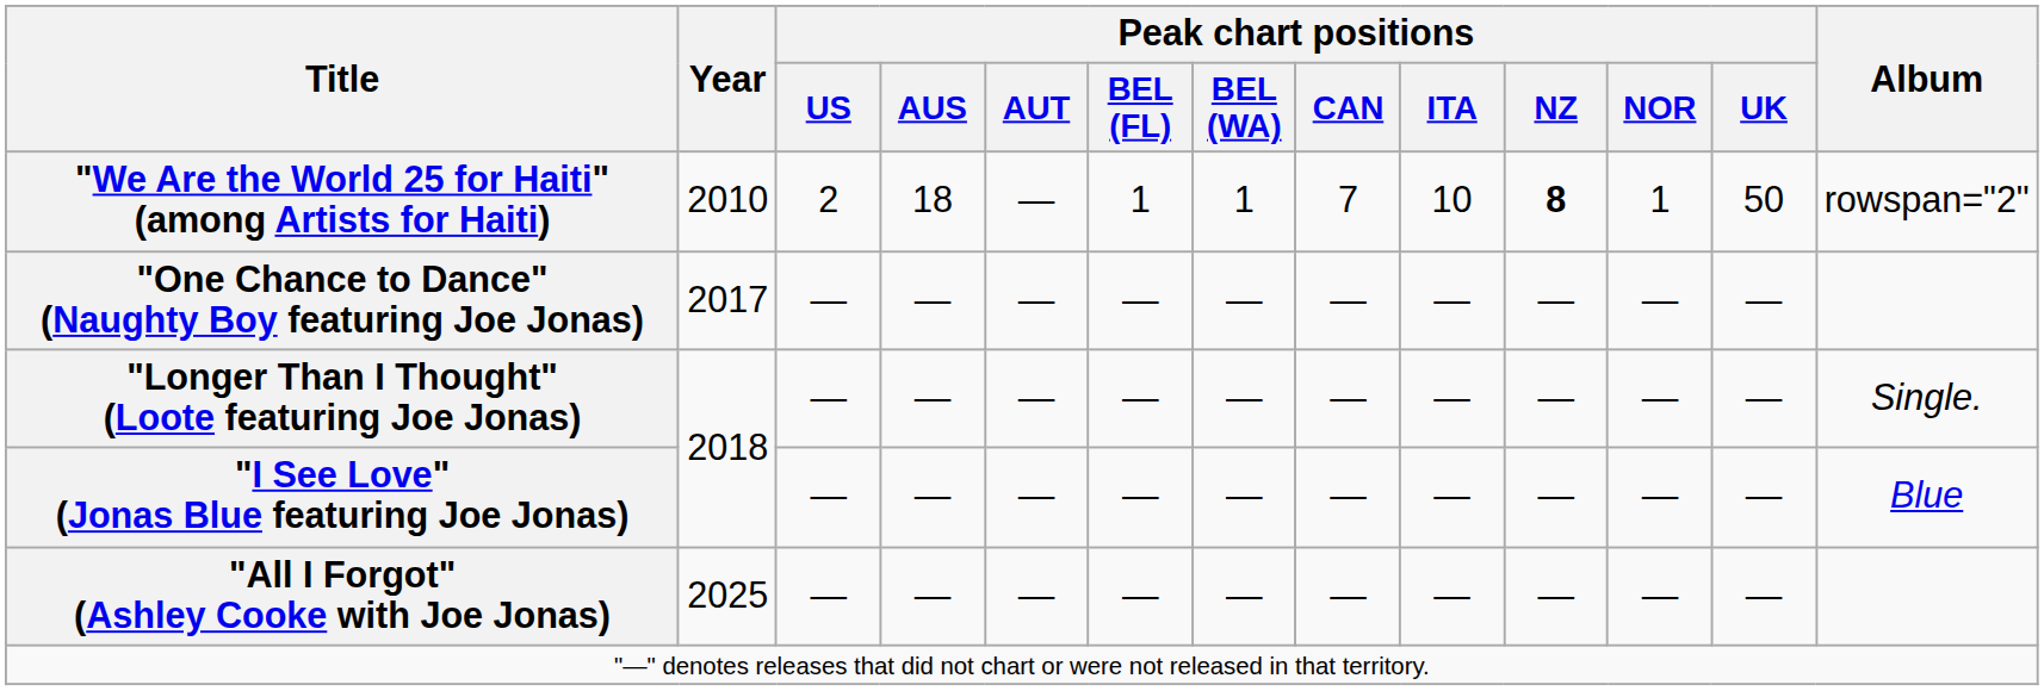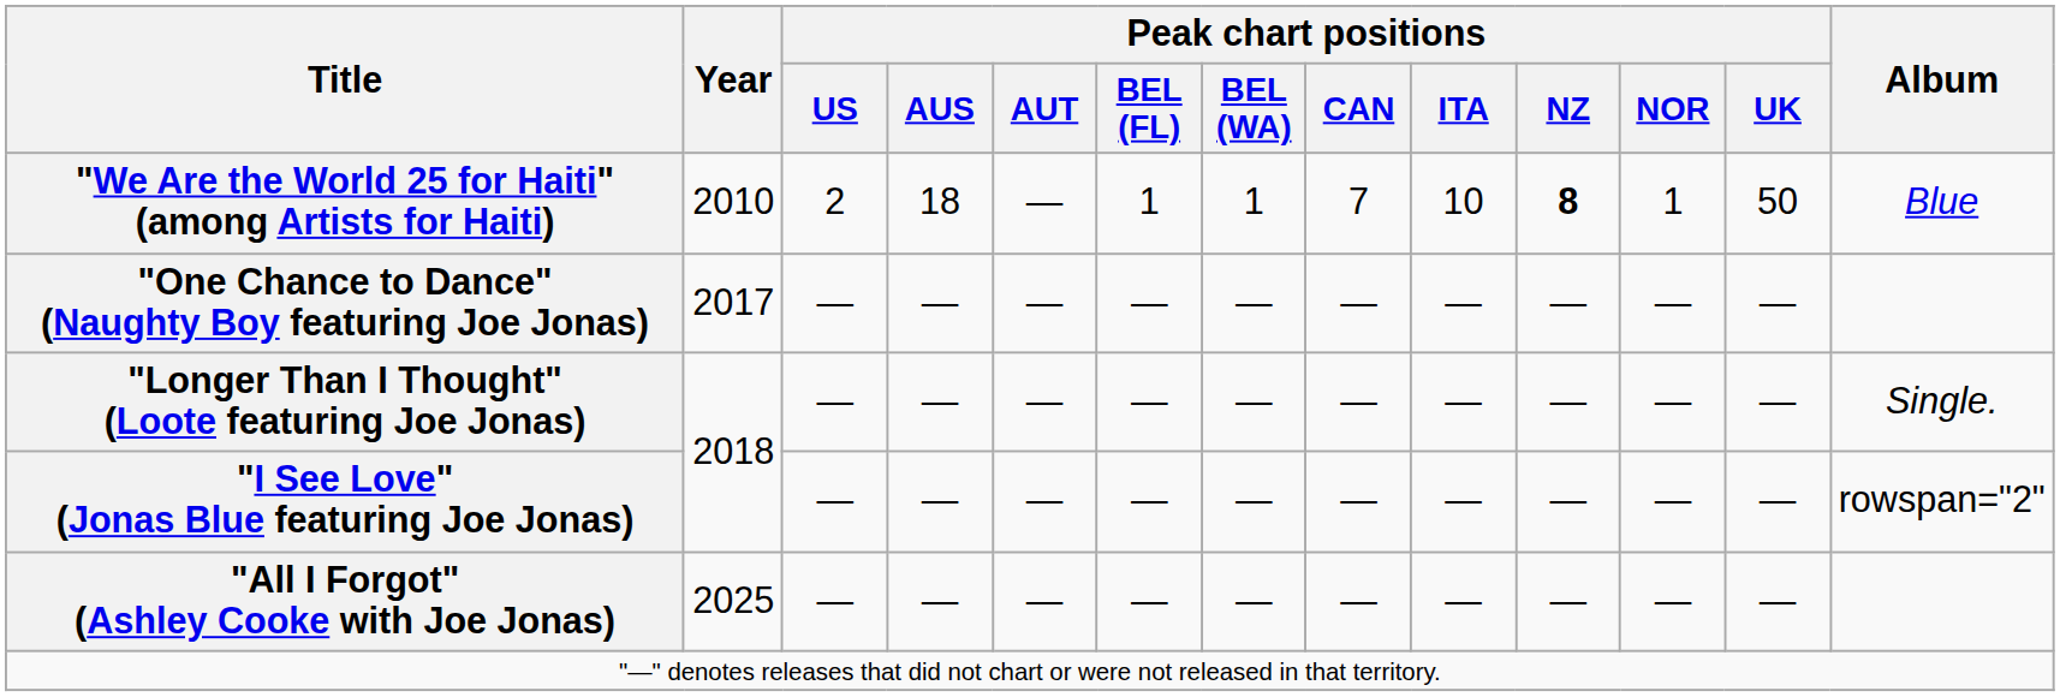 <table class="wikitable plainrowheaders" style="text-align:center;" border="1">
 <tr>
 <th scope="col" rowspan="2" style="width:18em;">Title</th>
 <th scope="col" rowspan="2" style="width:1em;">Year</th>
 <th scope="col" colspan="10">Peak chart positions</th>
 <th scope="col" rowspan="2">Album</th>
 </tr>
 <tr>
 <th scope="col" style="width:2.7em;font-size:90%;"><a href='#'>US</a><br></th>
 <th scope="col" style="width:2.7em;font-size:90%;"><a href='#'>AUS</a><br></th>
 <th scope="col" style="width:2.7em;font-size:90%;"><a href='#'>AUT</a><br></th>
 <th scope="col" style="width:2.7em;font-size:90%;"><a href='#'>BEL<br>(FL)</a><br></th>
 <th scope="col" style="width:2.7em;font-size:90%;"><a href='#'>BEL<br>(WA)</a><br></th>
 <th scope="col" style="width:2.7em;font-size:90%;"><a href='#'>CAN</a><br></th>
 <th scope="col" style="width:2.7em;font-size:90%;"><a href='#'>ITA</a><br></th>
 <th scope="col" style="width:2.7em;font-size:90%;"><a href='#'>NZ</a><br></th>
 <th scope="col" style="width:2.7em;font-size:90%;"><a href='#'>NOR</a><br></th>
 <th scope="col" style="width:2.7em;font-size:90%;"><a href='#'>UK</a><br></th>
 </tr>
 <tr>
 <th scope="row">"<a href='#'>We Are the World 25 for Haiti</a>"<br><span>(among <a href='#'>Artists for Haiti</a>)</span></th>
 <td>2010</td>
 <td>2</td>
 <td>18</td>
 <td>—</td>
 <td>1</td>
 <td>1</td>
 <td>7</td>
 <td>10</td>
 <td><strong>8</strong></td>
 <td>1</td>
 <td>50</td>
-<td>rowspan="2" </td>
+<td><em><a href='#'>Blue</a></em></td>
 </tr>
 <tr>
 <th scope="row">"One Chance to Dance"<br><span>(<a href='#'>Naughty Boy</a> featuring Joe Jonas)</span></th>
 <td>2017</td>
 <td>—</td>
 <td>—</td>
 <td>—</td>
 <td>—</td>
 <td>—</td>
 <td>—</td>
 <td>—</td>
 <td>—</td>
 <td>—</td>
 <td>—</td>
 </tr>
 <tr>
 <th scope="row">"Longer Than I Thought"<br><span>(<a href='#'>Loote</a> featuring Joe Jonas)</span></th>
 <td rowspan="2">2018</td>
 <td>—</td>
 <td>—</td>
 <td>—</td>
 <td>—</td>
 <td>—</td>
 <td>—</td>
 <td>—</td>
 <td>—</td>
 <td>—</td>
 <td>—</td>
 <td><em>Single.</em></td>
 </tr>
 <tr>
 <th scope="row">"<a href='#'>I See Love</a>"<br><span>(<a href='#'>Jonas Blue</a> featuring Joe Jonas)</span></th>
 <td>—</td>
 <td>—</td>
 <td>—</td>
 <td>—</td>
 <td>—</td>
 <td>—</td>
 <td>—</td>
 <td>—</td>
 <td>—</td>
 <td>—</td>
-<td><em><a href='#'>Blue</a></em></td>
+<td>rowspan="2" </td>
 </tr>
 <tr>
 <th scope="row">"All I Forgot"<br><span>(<a href='#'>Ashley Cooke</a> with Joe Jonas)</span></th>
 <td>2025</td>
 <td>—</td>
 <td>—</td>
 <td>—</td>
 <td>—</td>
 <td>—</td>
 <td>—</td>
 <td>—</td>
 <td>—</td>
 <td>—</td>
 <td>—</td>
 <td></td>
 </tr>
 <tr>
 <td align="center" colspan="15" style="font-size:8pt">"—" denotes releases that did not chart or were not released in that territory.</td>
 </tr>
 </table>
